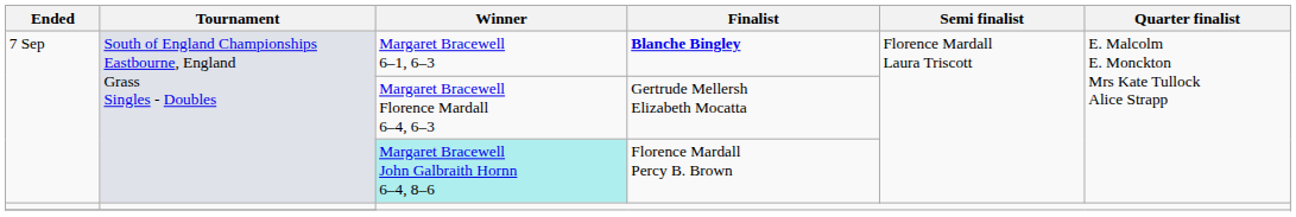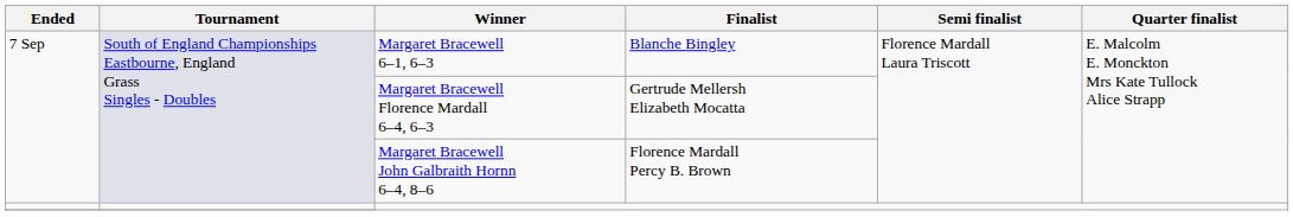 <table class="wikitable" style="font-size:85%;">
 <tr>
 <th width="75">Ended</th>
 <th width="230">Tournament</th>
 <th width="210">Winner</th>
 <th width="210">Finalist</th>
 <th width="170">Semi finalist</th>
 <th width="170">Quarter finalist</th>
 </tr>
 <tr valign=top>
 <td rowspan=3>7 Sep</td>
 <td style="background:#dfe2e9" rowspan=3><a href='#'>South of England Championships</a><br><a href='#'>Eastbourne</a>, England<br>Grass<br><a href='#'>Singles</a> - <a href='#'>Doubles</a></td>
 <td> <a href='#'>Margaret Bracewell</a><br>6–1, 6–3</td>
-<td><strong> <a href='#'>Blanche Bingley</a></strong></td>
+<td> <a href='#'>Blanche Bingley</a></td>
 <td rowspan=3> Florence Mardall<br> Laura Triscott</td>
 <td rowspan=3> E. Malcolm <br> E. Monckton<br>Mrs Kate Tullock<br> Alice Strapp</td>
 </tr>
 <tr valign=top>
 <td> <a href='#'>Margaret Bracewell</a><br> Florence Mardall<br>6–4, 6–3</td>
 <td> Gertrude Mellersh<br> Elizabeth Mocatta</td>
 </tr>
 <tr valign=top>
-<td style="background: paleturquoise;"> <a href='#'>Margaret Bracewell</a><br> <a href='#'>John Galbraith Hornn</a><br> 6–4, 8–6</td>
+<td> <a href='#'>Margaret Bracewell</a><br> <a href='#'>John Galbraith Hornn</a><br> 6–4, 8–6</td>
 <td> Florence Mardall<br> Percy B. Brown</td>
 </tr>
 <tr valign=top>
 <td></td>
 <td></td>
 </tr>
 <tr valign=top>
 </tr>
 </table>
